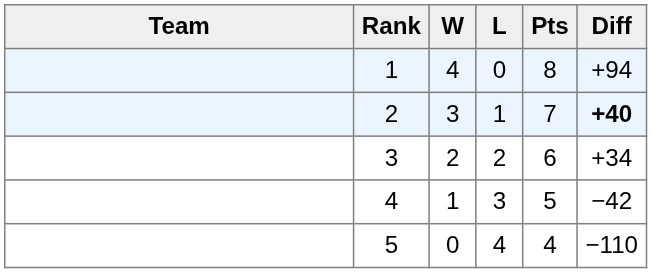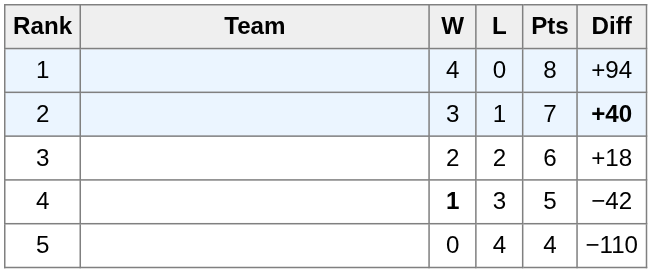 <table style=border-collapse:collapse border=1 cellspacing=0 cellpadding=5>
 <tr align=center bgcolor=#efefef>
+<th width=20>Rank</th>
 <th width=220>Team</th>
-<th width=20>Rank</th>
 <th width=20>W</th>
 <th width=20>L</th>
 <th width=20>Pts</th>
 <th width=25>Diff</th>
 </tr>
 <tr align=center bgcolor=#EBF5FF>
+<td>1</td>
 <td align=left></td>
-<td>1</td>
 <td>4</td>
 <td>0</td>
 <td>8</td>
 <td>+94</td>
 </tr>
 <tr align=center bgcolor=#EBF5FF>
+<td>2</td>
 <td align=left></td>
-<td>2</td>
 <td>3</td>
 <td>1</td>
 <td>7</td>
 <td><strong>+40</strong></td>
 </tr>
 <tr align=center>
+<td>3</td>
 <td align=left></td>
-<td>3</td>
 <td>2</td>
 <td>2</td>
 <td>6</td>
-<td>+34</td>
+<td>+18</td>
 </tr>
 <tr align=center>
+<td>4</td>
 <td align=left></td>
-<td>4</td>
-<td>1</td>
+<td><strong>1</strong></td>
 <td>3</td>
 <td>5</td>
 <td>−42</td>
 </tr>
 <tr align=center>
+<td>5</td>
 <td align=left></td>
-<td>5</td>
 <td>0</td>
 <td>4</td>
 <td>4</td>
 <td>−110</td>
 </tr>
 </table>
